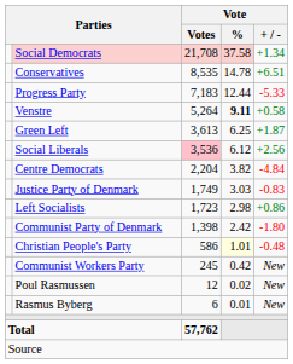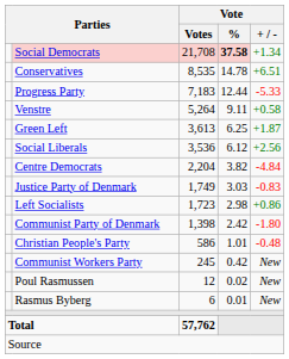 <table class="wikitable" style="text-align:right;">
 <tr>
 <th style="text-align:centre;" rowspan="2" colspan="2" width="225">Parties</th>
 <th colspan="3">Vote</th>
 </tr>
 <tr>
 <th width="15">Votes</th>
 <th width="15">%</th>
 <th width="15">+ / -</th>
 </tr>
 <tr>
 <td width="2" style="color:inherit;background:"></td>
 <td bgcolor=#fbd0ce  align="left"><a href='#'>Social Democrats</a></td>
 <td bgcolor=#fbd0ce>21,708</td>
-<td bgcolor=#fbd0ce>37.58</td>
+<td bgcolor=#fbd0ce><strong>37.58</strong></td>
 <td style=color:green;>+1.34</td>
 </tr>
 <tr>
 <td width="2" style="color:inherit;background:"></td>
 <td align="left"><a href='#'>Conservatives</a></td>
 <td>8,535</td>
 <td>14.78</td>
 <td style=color:green;>+6.51</td>
 </tr>
 <tr>
 <td width="2" style="color:inherit;background:"></td>
 <td align="left"><a href='#'>Progress Party</a></td>
 <td>7,183</td>
 <td>12.44</td>
 <td style=color:red;>-5.33</td>
 </tr>
 <tr>
 <td width="2" style="color:inherit;background:"></td>
 <td align="left"><a href='#'>Venstre</a></td>
 <td>5,264</td>
-<td><strong>9.11</strong></td>
+<td>9.11</td>
 <td style=color:green;>+0.58</td>
 </tr>
 <tr>
 <td width="2" style="color:inherit;background:"></td>
 <td align="left"><a href='#'>Green Left</a></td>
 <td>3,613</td>
 <td>6.25</td>
 <td style=color:green;>+1.87</td>
 </tr>
 <tr>
 <td width="2" style="color:inherit;background:"></td>
 <td align="left"><a href='#'>Social Liberals</a></td>
-<td style="background: pink;">3,536</td>
+<td>3,536</td>
 <td>6.12</td>
 <td style=color:green;>+2.56</td>
 </tr>
 <tr>
 <td width="2" style="color:inherit;background:"></td>
 <td align="left"><a href='#'>Centre Democrats</a></td>
 <td>2,204</td>
 <td>3.82</td>
 <td style=color:red;>-4.84</td>
 </tr>
 <tr>
 <td width="2" style="color:inherit;background:"></td>
 <td align="left"><a href='#'>Justice Party of Denmark</a></td>
 <td>1,749</td>
 <td>3.03</td>
 <td style=color:red;>-0.83</td>
 </tr>
 <tr>
 <td width="2" style="color:inherit;background:"></td>
 <td align="left"><a href='#'>Left Socialists</a></td>
 <td>1,723</td>
 <td>2.98</td>
 <td style=color:green;>+0.86</td>
 </tr>
 <tr>
 <td width="2" style="color:inherit;background:"></td>
 <td align="left"><a href='#'>Communist Party of Denmark</a></td>
 <td>1,398</td>
 <td>2.42</td>
 <td style=color:red;>-1.80</td>
 </tr>
 <tr>
 <td width="2" style="color:inherit;background:"></td>
 <td align="left"><a href='#'>Christian People's Party</a></td>
 <td>586</td>
-<td style="background: lightyellow;">1.01</td>
+<td>1.01</td>
 <td style=color:red;>-0.48</td>
 </tr>
 <tr>
 <td width="2" style="color:inherit;background:"></td>
 <td align="left"><a href='#'>Communist Workers Party</a></td>
 <td>245</td>
 <td>0.42</td>
 <td><em>New</em></td>
 </tr>
 <tr>
 <td width="2" style="color:inherit;background:"></td>
 <td align="left">Poul Rasmussen</td>
 <td>12</td>
 <td>0.02</td>
 <td><em>New</em></td>
 </tr>
 <tr>
 <td width="2" style="color:inherit;background:"></td>
 <td align="left">Rasmus Byberg</td>
 <td>6</td>
 <td>0.01</td>
 <td><em>New</em></td>
 </tr>
 <tr>
 <td colspan="7" bgcolor="#E9E9E9"></td>
 </tr>
 <tr>
 <td align="left" colspan="2"><strong>Total</strong></td>
 <td><strong>57,762</strong></td>
 <td bgcolor="#E9E9E9" colspan="2"></td>
 </tr>
 <tr>
 <td align="left" colspan="6">Source</td>
 </tr>
 </table>
